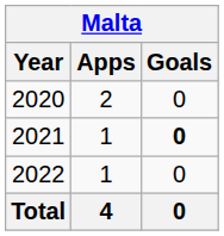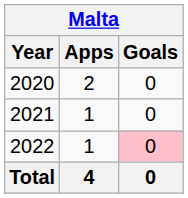 <table class="wikitable" style="text-align:center">
 <tr>
 <th colspan=3><a href='#'>Malta</a></th>
 </tr>
 <tr>
 <th>Year</th>
 <th>Apps</th>
 <th>Goals</th>
 </tr>
 <tr>
 <td>2020</td>
 <td>2</td>
 <td>0</td>
 </tr>
 <tr>
 <td>2021</td>
 <td>1</td>
-<td><strong>0</strong></td>
+<td>0</td>
 </tr>
 <tr>
 <td>2022</td>
 <td>1</td>
-<td>0</td>
+<td style="background: pink;">0</td>
 </tr>
 <tr>
 <th>Total</th>
 <th>4</th>
 <th>0</th>
 </tr>
 </table>
